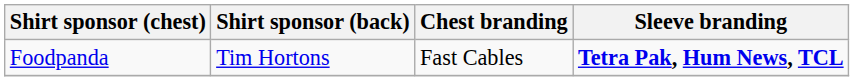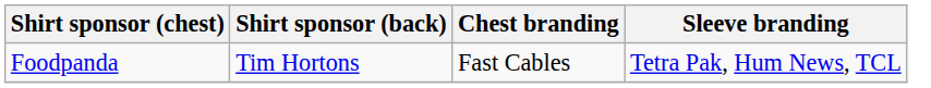 <table class="wikitable">
 <tr>
 <th>Shirt sponsor (chest)</th>
 <th>Shirt sponsor (back)</th>
 <th>Chest branding</th>
 <th>Sleeve branding</th>
 </tr>
 <tr>
 <td><a href='#'>Foodpanda</a></td>
 <td><a href='#'>Tim Hortons</a></td>
 <td>Fast Cables</td>
-<td><strong><a href='#'>Tetra Pak</a>, <a href='#'>Hum News</a>, <a href='#'>TCL</a></strong></td>
+<td><a href='#'>Tetra Pak</a>, <a href='#'>Hum News</a>, <a href='#'>TCL</a></td>
 </tr>
 <tr>
 </tr>
 </table>
